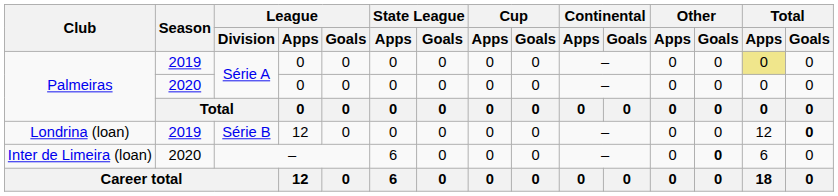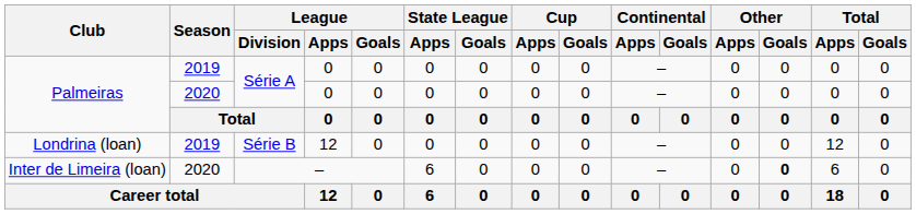 <table class="wikitable" style="text-align: center">
 <tr>
 <th rowspan="2">Club</th>
 <th rowspan="2">Season</th>
 <th colspan="3">League</th>
 <th colspan="2">State League</th>
 <th colspan="2">Cup</th>
 <th colspan="2">Continental</th>
 <th colspan="2">Other</th>
 <th colspan="2">Total</th>
 </tr>
 <tr>
 <th>Division</th>
 <th>Apps</th>
 <th>Goals</th>
 <th>Apps</th>
 <th>Goals</th>
 <th>Apps</th>
 <th>Goals</th>
 <th>Apps</th>
 <th>Goals</th>
 <th>Apps</th>
 <th>Goals</th>
 <th>Apps</th>
 <th>Goals</th>
 </tr>
 <tr>
 <td rowspan="3"><a href='#'>Palmeiras</a></td>
 <td><a href='#'>2019</a></td>
 <td rowspan="2"><a href='#'>Série A</a></td>
 <td>0</td>
 <td>0</td>
 <td>0</td>
 <td>0</td>
 <td>0</td>
 <td>0</td>
 <td colspan="2">–</td>
 <td>0</td>
 <td>0</td>
-<td style="background: khaki;">0</td>
+<td>0</td>
 <td>0</td>
 </tr>
 <tr>
 <td><a href='#'>2020</a></td>
 <td>0</td>
 <td>0</td>
 <td>0</td>
 <td>0</td>
 <td>0</td>
 <td>0</td>
 <td colspan="2">–</td>
 <td>0</td>
 <td>0</td>
 <td>0</td>
 <td>0</td>
 </tr>
 <tr>
 <th colspan="2"><strong>Total</strong></th>
 <th>0</th>
 <th>0</th>
 <th>0</th>
 <th>0</th>
 <th>0</th>
 <th>0</th>
 <th>0</th>
 <th>0</th>
 <th>0</th>
 <th>0</th>
 <th>0</th>
 <th>0</th>
 </tr>
 <tr>
 <td><a href='#'>Londrina</a> (loan)</td>
 <td><a href='#'>2019</a></td>
 <td><a href='#'>Série B</a></td>
 <td>12</td>
 <td>0</td>
 <td>0</td>
 <td>0</td>
 <td>0</td>
 <td>0</td>
 <td colspan="2">–</td>
 <td>0</td>
 <td>0</td>
 <td>12</td>
-<td><strong>0</strong></td>
+<td>0</td>
 </tr>
 <tr>
 <td><a href='#'>Inter de Limeira</a> (loan)</td>
 <td>2020</td>
 <td colspan="3">–</td>
 <td>6</td>
 <td>0</td>
 <td>0</td>
 <td>0</td>
 <td colspan="2">–</td>
 <td>0</td>
 <td><strong>0</strong></td>
 <td>6</td>
 <td>0</td>
 </tr>
 <tr>
 <th colspan="3"><strong>Career total</strong></th>
 <th>12</th>
 <th>0</th>
 <th>6</th>
 <th>0</th>
 <th>0</th>
 <th>0</th>
 <th>0</th>
 <th>0</th>
 <th>0</th>
 <th>0</th>
 <th>18</th>
 <th>0</th>
 </tr>
 </table>
